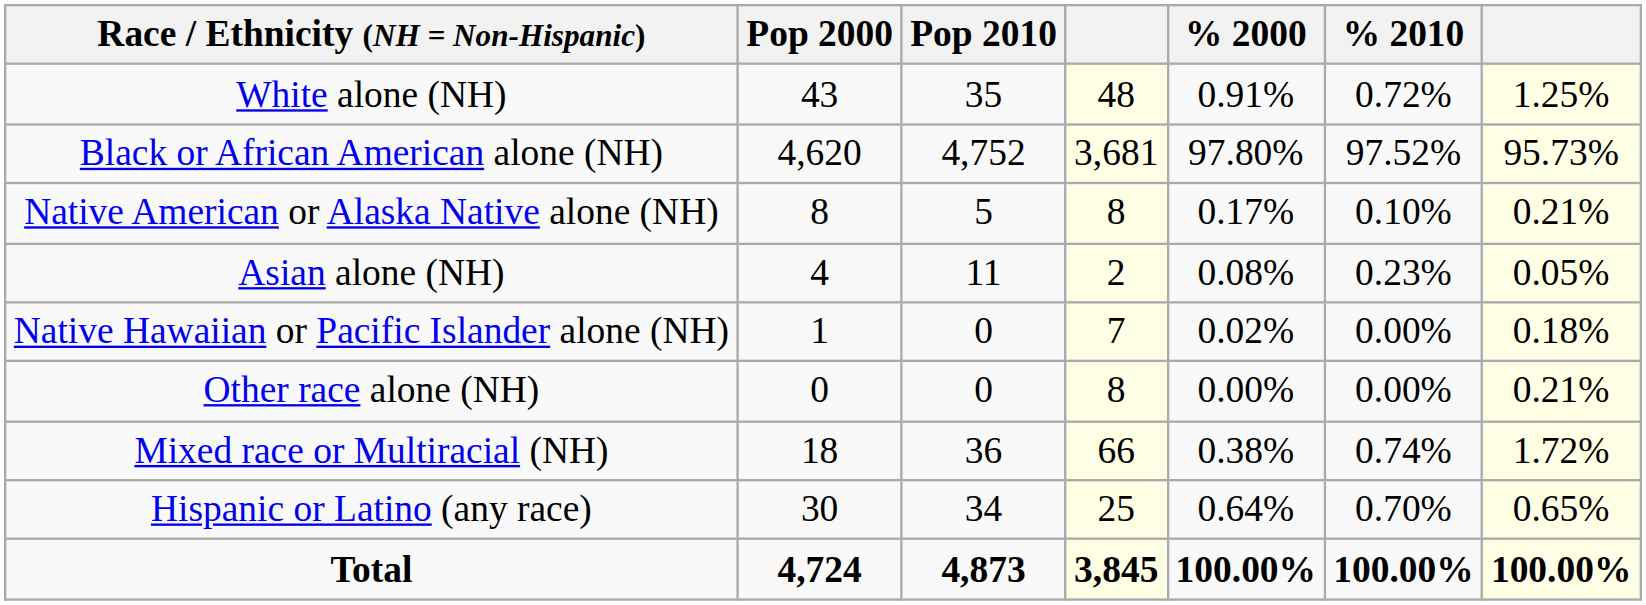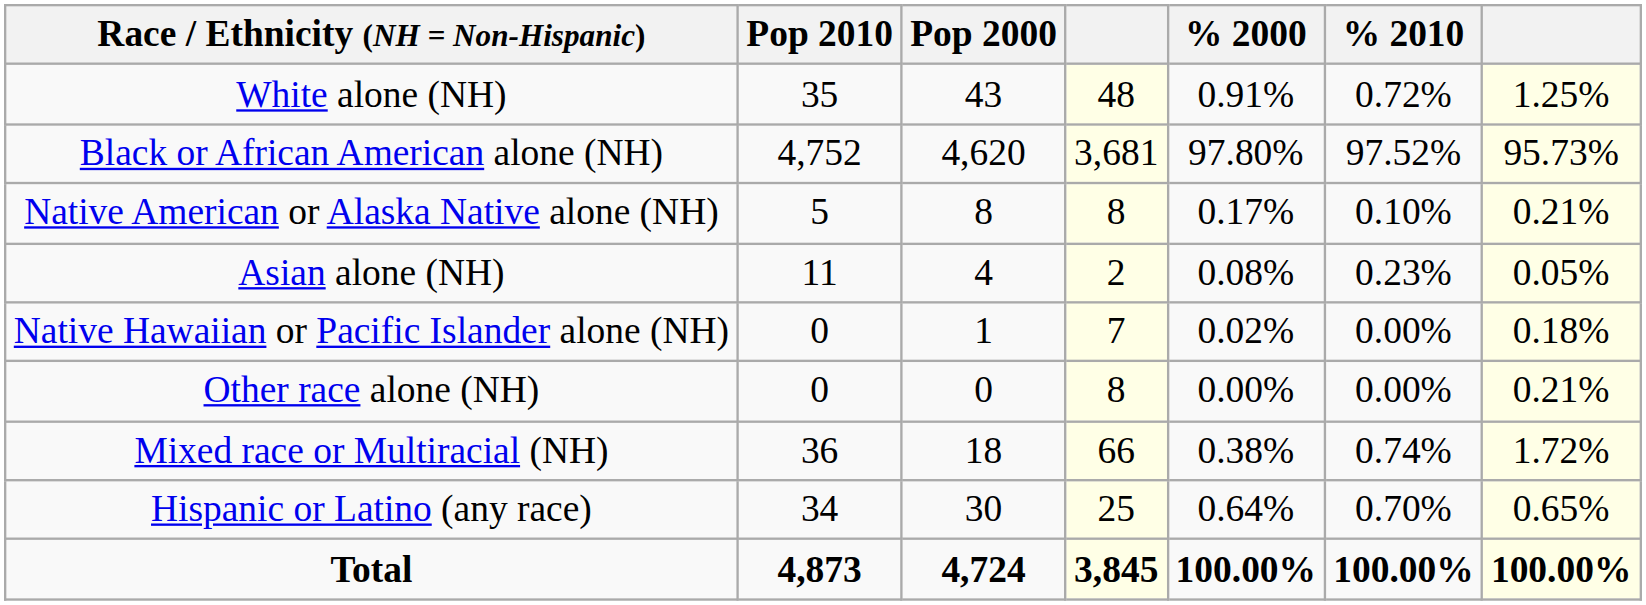 <table class="wikitable" style="text-align:center;">
 <tr>
 <th>Race / Ethnicity <small>(<em>NH = Non-Hispanic</em>)</small></th>
+<th>Pop 2010</th>
 <th>Pop 2000</th>
-<th>Pop 2010</th>
 <th></th>
 <th>% 2000</th>
 <th>% 2010</th>
 <th></th>
 </tr>
 <tr>
 <td><a href='#'>White</a> alone (NH)</td>
+<td>35</td>
 <td>43</td>
-<td>35</td>
 <td style='background: #ffffe6;'>48</td>
 <td>0.91%</td>
 <td>0.72%</td>
 <td style='background: #ffffe6;'>1.25%</td>
 </tr>
 <tr>
 <td><a href='#'>Black or African American</a> alone (NH)</td>
+<td>4,752</td>
 <td>4,620</td>
-<td>4,752</td>
 <td style='background: #ffffe6;'>3,681</td>
 <td>97.80%</td>
 <td>97.52%</td>
 <td style='background: #ffffe6;'>95.73%</td>
 </tr>
 <tr>
 <td><a href='#'>Native American</a> or <a href='#'>Alaska Native</a> alone (NH)</td>
+<td>5</td>
 <td>8</td>
-<td>5</td>
 <td style='background: #ffffe6;'>8</td>
 <td>0.17%</td>
 <td>0.10%</td>
 <td style='background: #ffffe6;'>0.21%</td>
 </tr>
 <tr>
 <td><a href='#'>Asian</a> alone (NH)</td>
+<td>11</td>
 <td>4</td>
-<td>11</td>
 <td style='background: #ffffe6;'>2</td>
 <td>0.08%</td>
 <td>0.23%</td>
 <td style='background: #ffffe6;'>0.05%</td>
 </tr>
 <tr>
 <td><a href='#'>Native Hawaiian</a> or <a href='#'>Pacific Islander</a> alone (NH)</td>
+<td>0</td>
 <td>1</td>
-<td>0</td>
 <td style='background: #ffffe6;'>7</td>
 <td>0.02%</td>
 <td>0.00%</td>
 <td style='background: #ffffe6;'>0.18%</td>
 </tr>
 <tr>
 <td><a href='#'>Other race</a> alone (NH)</td>
 <td>0</td>
 <td>0</td>
 <td style='background: #ffffe6;'>8</td>
 <td>0.00%</td>
 <td>0.00%</td>
 <td style='background: #ffffe6;'>0.21%</td>
 </tr>
 <tr>
 <td><a href='#'>Mixed race or Multiracial</a> (NH)</td>
+<td>36</td>
 <td>18</td>
-<td>36</td>
 <td style='background: #ffffe6;'>66</td>
 <td>0.38%</td>
 <td>0.74%</td>
 <td style='background: #ffffe6;'>1.72%</td>
 </tr>
 <tr>
 <td><a href='#'>Hispanic or Latino</a> (any race)</td>
+<td>34</td>
 <td>30</td>
-<td>34</td>
 <td style='background: #ffffe6;'>25</td>
 <td>0.64%</td>
 <td>0.70%</td>
 <td style='background: #ffffe6;'>0.65%</td>
 </tr>
 <tr>
 <td><strong>Total</strong></td>
+<td><strong>4,873</strong></td>
 <td><strong>4,724</strong></td>
-<td><strong>4,873</strong></td>
 <td style='background: #ffffe6;'><strong>3,845</strong></td>
 <td><strong>100.00%</strong></td>
 <td><strong>100.00%</strong></td>
 <td style='background: #ffffe6;'><strong>100.00%</strong></td>
 </tr>
 </table>
